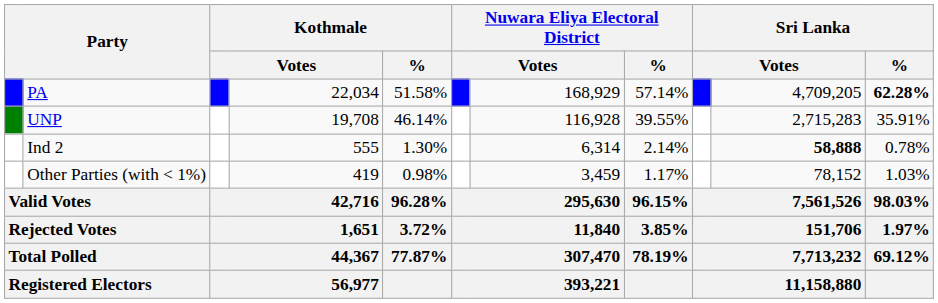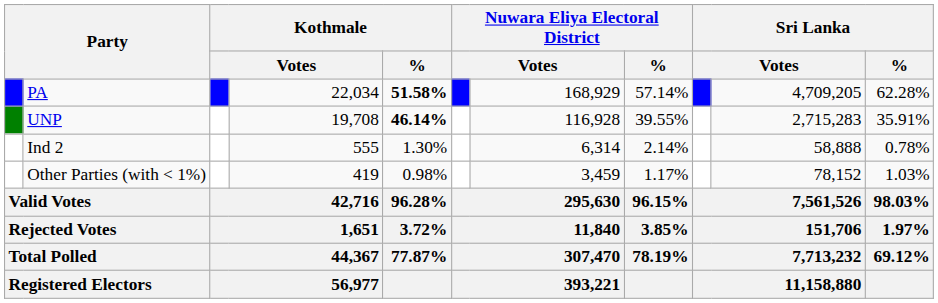 <table class="wikitable">
 <tr>
 <th colspan="2" width="144px"rowspan="2">Party</th>
 <th colspan="3" width="216px">Kothmale</th>
 <th colspan="3" width="216px"><a href='#'>Nuwara Eliya Electoral District</a></th>
 <th colspan="3" width="216px">Sri Lanka</th>
 </tr>
 <tr>
 <th colspan="2" width="144px">Votes</th>
 <th>%</th>
 <th colspan="2" width="144px">Votes</th>
 <th>%</th>
 <th colspan="2" width="144px">Votes</th>
 <th>%</th>
 </tr>
 <tr>
 <td style="background-color:blue;" width="10px"></td>
 <td style="text-align:left;"><a href='#'>PA</a></td>
 <td style="background-color:blue;" width="10px"></td>
 <td style="text-align:right;">22,034</td>
-<td style="text-align:right;">51.58%</td>
+<td style="text-align:right;"><strong>51.58%</strong></td>
 <td style="background-color:blue;" width="10px"></td>
 <td style="text-align:right;">168,929</td>
 <td style="text-align:right;">57.14%</td>
 <td style="background-color:blue;" width="10px"></td>
 <td style="text-align:right;">4,709,205</td>
-<td style="text-align:right;"><strong>62.28%</strong></td>
+<td style="text-align:right;">62.28%</td>
 </tr>
 <tr>
 <td style="background-color:green;" width="10px"></td>
 <td style="text-align:left;"><a href='#'>UNP</a></td>
 <td style="background-color:white;" width="10px"></td>
 <td style="text-align:right;">19,708</td>
-<td style="text-align:right;">46.14%</td>
+<td style="text-align:right;"><strong>46.14%</strong></td>
 <td style="background-color:white;" width="10px"></td>
 <td style="text-align:right;">116,928</td>
 <td style="text-align:right;">39.55%</td>
 <td style="background-color:white;" width="10px"></td>
 <td style="text-align:right;">2,715,283</td>
 <td style="text-align:right;">35.91%</td>
 </tr>
 <tr>
 <td style="background-color:white;" width="10px"></td>
 <td style="text-align:left;">Ind 2</td>
 <td style="background-color:white;" width="10px"></td>
 <td style="text-align:right;">555</td>
 <td style="text-align:right;">1.30%</td>
 <td style="background-color:white;" width="10px"></td>
 <td style="text-align:right;">6,314</td>
 <td style="text-align:right;">2.14%</td>
 <td style="background-color:white;" width="10px"></td>
-<td style="text-align:right;"><strong>58,888</strong></td>
+<td style="text-align:right;">58,888</td>
 <td style="text-align:right;">0.78%</td>
 </tr>
 <tr>
 <td style="background-color:white;" width="10px"></td>
 <td style="text-align:left;">Other Parties (with < 1%)</td>
 <td style="background-color:white;" width="10px"></td>
 <td style="text-align:right;">419</td>
 <td style="text-align:right;">0.98%</td>
 <td style="background-color:white;" width="10px"></td>
 <td style="text-align:right;">3,459</td>
 <td style="text-align:right;">1.17%</td>
 <td style="background-color:white;" width="10px"></td>
 <td style="text-align:right;">78,152</td>
 <td style="text-align:right;">1.03%</td>
 </tr>
 <tr>
 <th colspan="2" width="144px"style="text-align:left;">Valid Votes</th>
 <th style="text-align:right;"colspan="2" width="144px">42,716</th>
 <th style="text-align:right;">96.28%</th>
 <th style="text-align:right;"colspan="2" width="144px">295,630</th>
 <th style="text-align:right;">96.15%</th>
 <th style="text-align:right;"colspan="2" width="144px">7,561,526</th>
 <th style="text-align:right;">98.03%</th>
 </tr>
 <tr>
 <th colspan="2" width="144px"style="text-align:left;">Rejected Votes</th>
 <th style="text-align:right;"colspan="2" width="144px">1,651</th>
 <th style="text-align:right;">3.72%</th>
 <th style="text-align:right;"colspan="2" width="144px">11,840</th>
 <th style="text-align:right;">3.85%</th>
 <th style="text-align:right;"colspan="2" width="144px">151,706</th>
 <th style="text-align:right;">1.97%</th>
 </tr>
 <tr>
 <th colspan="2" width="144px"style="text-align:left;">Total Polled</th>
 <th style="text-align:right;"colspan="2" width="144px">44,367</th>
 <th style="text-align:right;">77.87%</th>
 <th style="text-align:right;"colspan="2" width="144px">307,470</th>
 <th style="text-align:right;">78.19%</th>
 <th style="text-align:right;"colspan="2" width="144px">7,713,232</th>
 <th style="text-align:right;">69.12%</th>
 </tr>
 <tr>
 <th colspan="2" width="144px"style="text-align:left;">Registered Electors</th>
 <th style="text-align:right;"colspan="2" width="144px">56,977</th>
 <th></th>
 <th style="text-align:right;"colspan="2" width="144px">393,221</th>
 <th></th>
 <th style="text-align:right;"colspan="2" width="144px">11,158,880</th>
 <th></th>
 </tr>
 </table>
